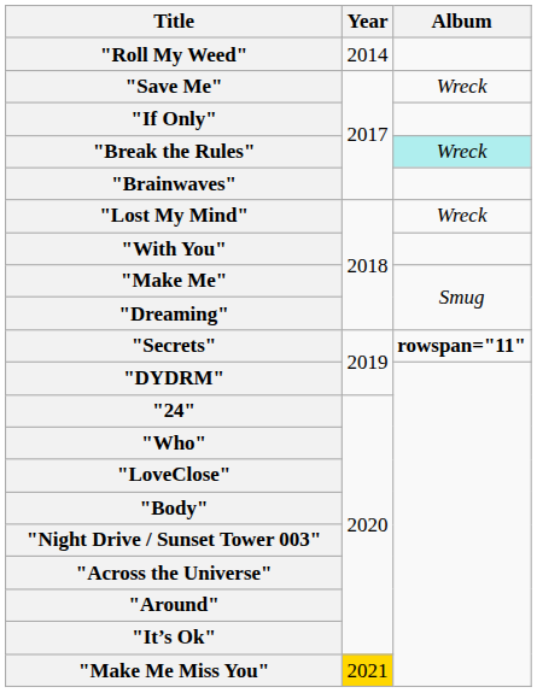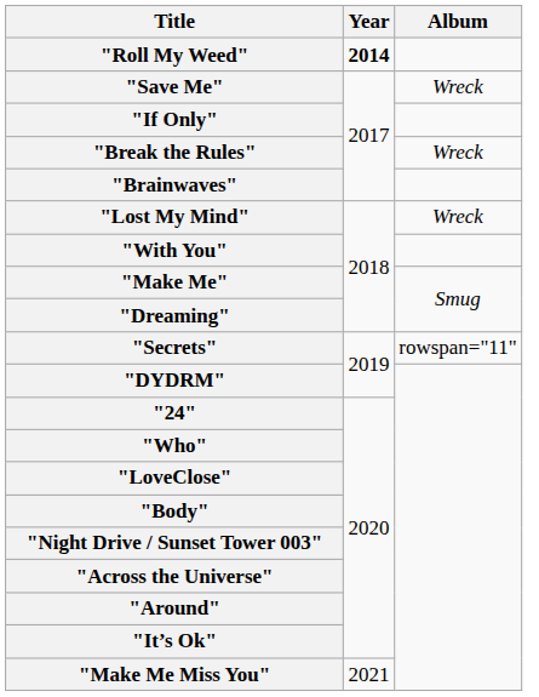 <table class="wikitable plainrowheaders" style="text-align:center;">
 <tr>
 <th scope="col" rowspan="1" style="width:16em;">Title</th>
 <th scope="col" rowspan="1">Year</th>
 <th scope="col" rowspan="1">Album</th>
 </tr>
 <tr>
 <th scope="row">"Roll My Weed"<br></th>
-<td>2014</td>
+<td><strong>2014</strong></td>
 <td></td>
 </tr>
 <tr>
 <th scope="row">"Save Me"</th>
 <td rowspan="4">2017</td>
 <td><em>Wreck</em></td>
 </tr>
 <tr>
 <th scope="row">"If Only"</th>
 <td></td>
 </tr>
 <tr>
 <th scope="row">"Break the Rules"</th>
-<td style="background: paleturquoise;"><em>Wreck</em></td>
+<td><em>Wreck</em></td>
 </tr>
 <tr>
 <th scope="row">"Brainwaves"<br></th>
 <td></td>
 </tr>
 <tr>
 <th scope="row">"Lost My Mind"</th>
 <td rowspan="4">2018</td>
 <td><em>Wreck</em></td>
 </tr>
 <tr>
 <th scope="row">"With You"</th>
 <td></td>
 </tr>
 <tr>
 <th scope="row">"Make Me"</th>
 <td rowspan="2"><em>Smug</em></td>
 </tr>
 <tr>
 <th scope="row">"Dreaming"</th>
 </tr>
 <tr>
 <th scope="row">"Secrets"</th>
 <td rowspan="2">2019</td>
-<td><strong>rowspan="11" </strong></td>
+<td>rowspan="11" </td>
 </tr>
 <tr>
 <th scope="row">"DYDRM"</th>
 </tr>
 <tr>
 <th scope="row">"24"<br></th>
 <td rowspan="8">2020</td>
 </tr>
 <tr>
 <th scope="row">"Who"</th>
 </tr>
 <tr>
 <th scope="row">"LoveClose"</th>
 </tr>
 <tr>
 <th scope="row">"Body"</th>
 </tr>
 <tr>
 <th scope="row">"Night Drive / Sunset Tower 003"</th>
 </tr>
 <tr>
 <th scope="row">"Across the Universe"</th>
 </tr>
 <tr>
 <th scope="row">"Around"</th>
 </tr>
 <tr>
 <th scope="row">"It’s Ok"</th>
 </tr>
 <tr>
 <th scope="row">"Make Me Miss You"</th>
-<td style="background: gold;">2021</td>
+<td>2021</td>
 </tr>
 </table>
